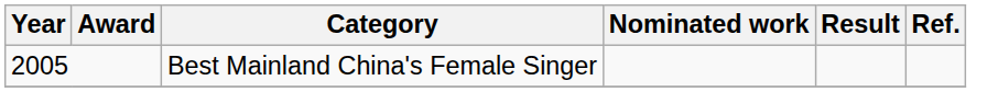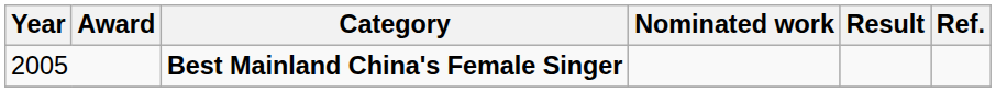 <table class="wikitable">
 <tr>
 <th>Year</th>
 <th>Award</th>
 <th>Category</th>
 <th>Nominated work</th>
 <th>Result</th>
 <th>Ref.</th>
 </tr>
 <tr>
 <td colspan=2>2005</td>
-<td>Best Mainland China's Female Singer</td>
+<td><strong>Best Mainland China's Female Singer</strong></td>
 <td></td>
 <td></td>
 <td rowspan=1></td>
 </tr>
 <tr>
 </tr>
 </table>
